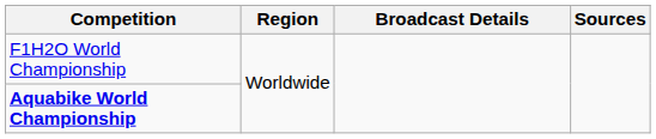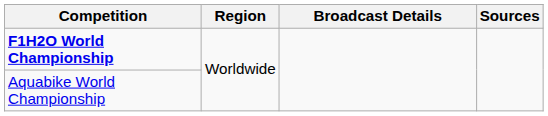 <table class="wikitable">
 <tr>
 <th width="200">Competition</th>
 <th>Region</th>
 <th width="200">Broadcast Details</th>
 <th>Sources</th>
 </tr>
 <tr>
-<td><a href='#'>F1H2O World Championship</a></td>
+<td><strong><a href='#'>F1H2O World Championship</a></strong></td>
 <td rowspan="2">Worldwide</td>
 <td rowspan="2"></td>
 <td rowspan="2"></td>
 </tr>
 <tr>
-<td><strong><a href='#'>Aquabike World Championship</a></strong></td>
+<td><a href='#'>Aquabike World Championship</a></td>
 </tr>
 </table>
